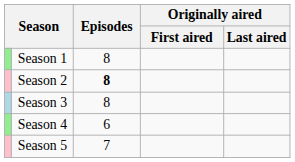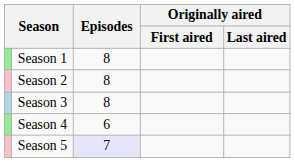 <table class="wikitable" style="text-align: center;">
 <tr>
 <th style="padding: 0 16px;" colspan="2" rowspan="2">Season</th>
 <th style="padding: 0 8px;" rowspan="2">Episodes</th>
 <th colspan="2">Originally aired</th>
 </tr>
 <tr>
 <th style="padding: 0 12px;">First aired</th>
 <th>Last aired</th>
 </tr>
 <tr>
 <td style="background:lightgreen;height:10px;"></td>
 <td>Season 1</td>
 <td>8</td>
 <td></td>
 <td></td>
 </tr>
 <tr>
 <td style="background:pink;height:10px;"></td>
 <td>Season 2</td>
-<td><strong>8</strong></td>
+<td>8</td>
 <td></td>
 <td></td>
 </tr>
 <tr>
 <td style="background:lightblue;height:10px;"></td>
 <td>Season 3</td>
 <td>8</td>
 <td></td>
 <td></td>
 </tr>
 <tr>
 <td style="background:lightgreen;height:10px;"></td>
 <td>Season 4</td>
 <td>6</td>
 <td></td>
 <td></td>
 </tr>
 <tr>
 <td style="background:pink;height:10px;"></td>
 <td>Season 5</td>
-<td>7</td>
+<td style="background: lavender;">7</td>
 <td></td>
 <td></td>
 </tr>
 </table>
